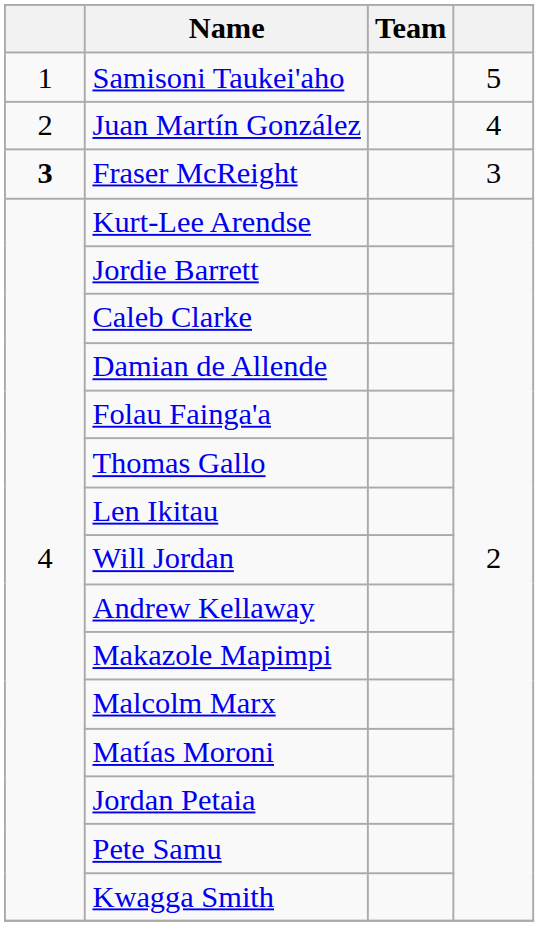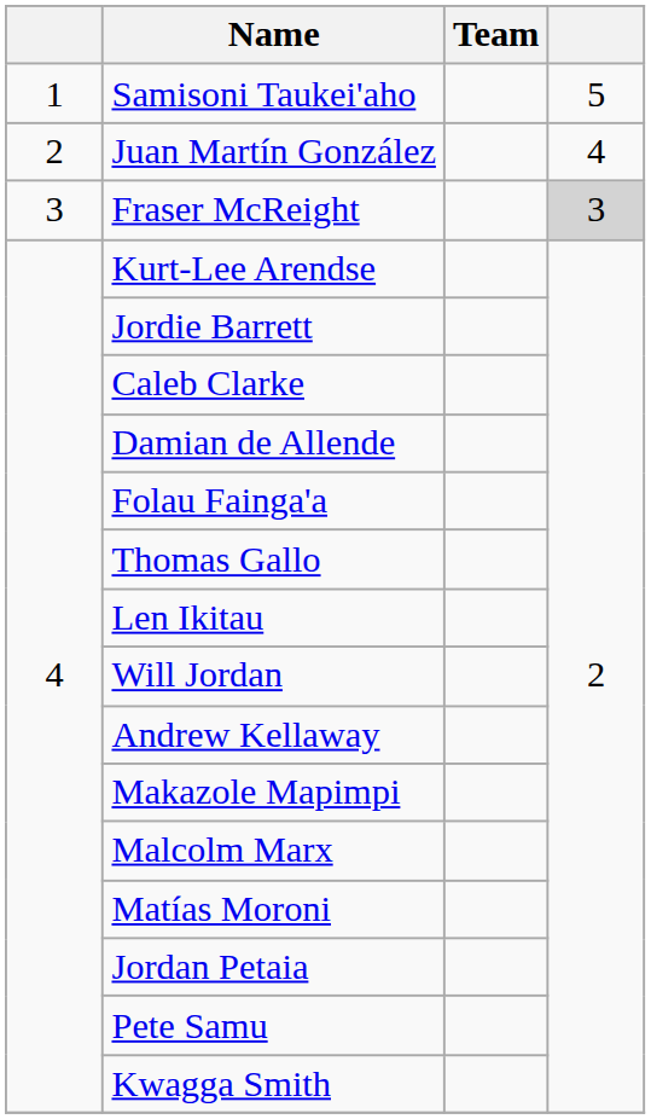 <table class="wikitable" style="text-align:center">
 <tr>
 <th align=center width="35"></th>
 <th>Name</th>
 <th>Team</th>
 <th align=center width="35"></th>
 </tr>
 <tr>
 <td rowspan=1>1</td>
 <td align="left"><a href='#'>Samisoni Taukei'aho</a></td>
 <td align="left"></td>
 <td rowspan=1>5</td>
 </tr>
 <tr>
 <td rowspan=1>2</td>
 <td align="left"><a href='#'>Juan Martín González</a></td>
 <td align="left"></td>
 <td rowspan=1>4</td>
 </tr>
 <tr>
-<td rowspan=1><strong>3</strong></td>
+<td rowspan=1>3</td>
 <td align="left"><a href='#'>Fraser McReight</a></td>
 <td align="left"></td>
-<td rowspan=1>3</td>
+<td rowspan=1 style="background: lightgrey;">3</td>
 </tr>
 <tr>
 <td rowspan=15>4</td>
 <td align="left"><a href='#'>Kurt-Lee Arendse</a></td>
 <td align="left"></td>
 <td rowspan=15>2</td>
 </tr>
 <tr>
 <td align="left"><a href='#'>Jordie Barrett</a></td>
 <td align="left"></td>
 </tr>
 <tr>
 <td align="left"><a href='#'>Caleb Clarke</a></td>
 <td align="left"></td>
 </tr>
 <tr>
 <td align="left"><a href='#'>Damian de Allende</a></td>
 <td align="left"></td>
 </tr>
 <tr>
 <td align="left"><a href='#'>Folau Fainga'a</a></td>
 <td align="left"></td>
 </tr>
 <tr>
 <td align="left"><a href='#'>Thomas Gallo</a></td>
 <td align="left"></td>
 </tr>
 <tr>
 <td align="left"><a href='#'>Len Ikitau</a></td>
 <td align="left"></td>
 </tr>
 <tr>
 <td align="left"><a href='#'>Will Jordan</a></td>
 <td align="left"></td>
 </tr>
 <tr>
 <td align="left"><a href='#'>Andrew Kellaway</a></td>
 <td align="left"></td>
 </tr>
 <tr>
 <td align="left"><a href='#'>Makazole Mapimpi</a></td>
 <td align="left"></td>
 </tr>
 <tr>
 <td align="left"><a href='#'>Malcolm Marx</a></td>
 <td align="left"></td>
 </tr>
 <tr>
 <td align="left"><a href='#'>Matías Moroni</a></td>
 <td align="left"></td>
 </tr>
 <tr>
 <td align="left"><a href='#'>Jordan Petaia</a></td>
 <td align="left"></td>
 </tr>
 <tr>
 <td align="left"><a href='#'>Pete Samu</a></td>
 <td align="left"></td>
 </tr>
 <tr>
 <td align="left"><a href='#'>Kwagga Smith</a></td>
 <td align="left"></td>
 </tr>
 <tr>
 </tr>
 </table>
